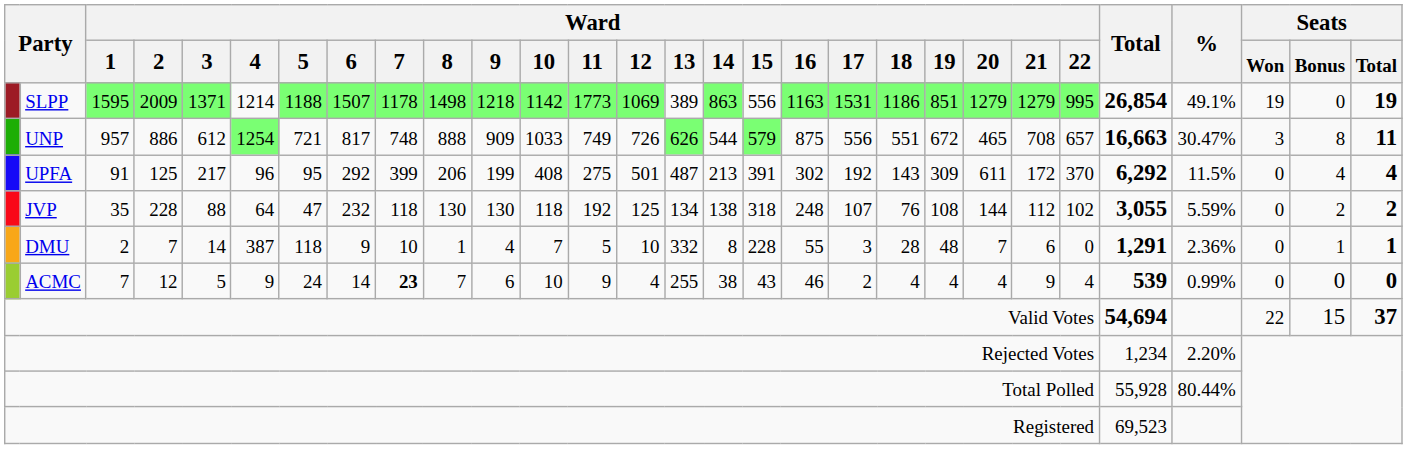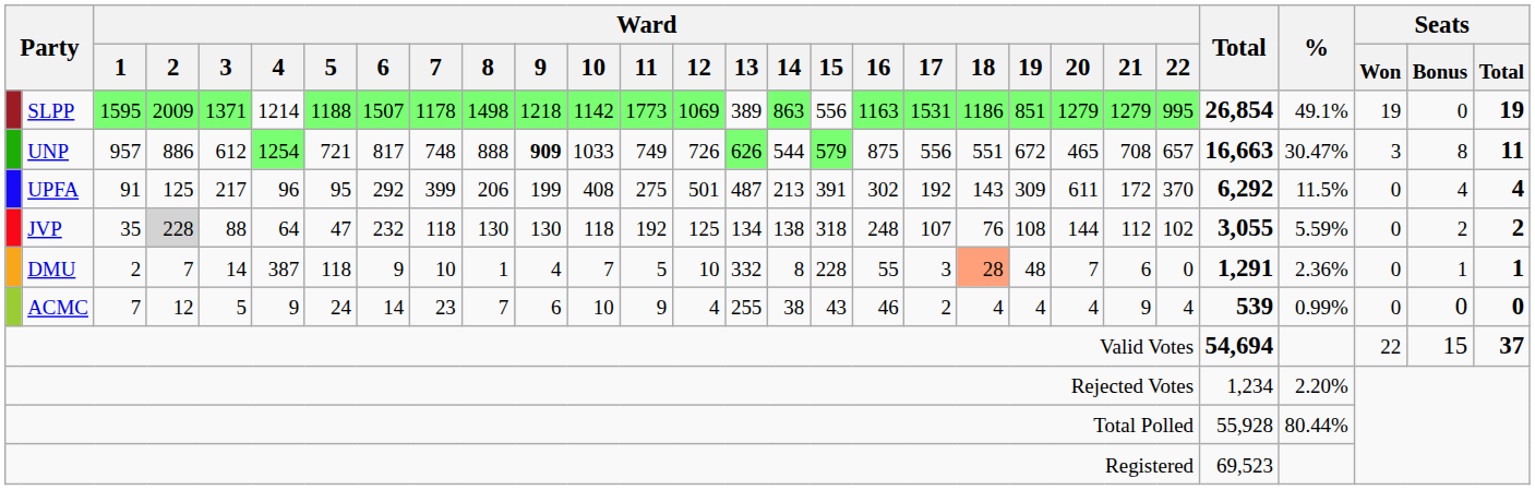 <table class="wikitable" border="1" style="text-align:right;">
 <tr>
 <th colspan="2" rowspan="2">Party</th>
 <th colspan="22">Ward</th>
 <th rowspan="2">Total</th>
 <th rowspan="2">%</th>
 <th colspan="3">Seats</th>
 </tr>
 <tr>
 <th>1</th>
 <th>2</th>
 <th>3</th>
 <th>4</th>
 <th>5</th>
 <th>6</th>
 <th>7</th>
 <th>8</th>
 <th>9</th>
 <th>10</th>
 <th>11</th>
 <th>12</th>
 <th>13</th>
 <th>14</th>
 <th>15</th>
 <th>16</th>
 <th>17</th>
 <th>18</th>
 <th>19</th>
 <th>20</th>
 <th>21</th>
 <th>22</th>
 <th><sub>Won</sub></th>
 <th><sub>Bonus</sub></th>
 <th><sub>Total</sub></th>
 </tr>
 <tr>
 <td bgcolor="#9D1B25"><small> </small></td>
 <td align="left"><a href='#'><small>SLPP</small></a></td>
 <td bgcolor="#7aff73"><small>1595</small></td>
 <td bgcolor="#7aff73"><small>2009</small></td>
 <td bgcolor="#7aff73"><small>1371</small></td>
 <td><small>1214</small></td>
 <td bgcolor="#7aff73"><small>1188</small></td>
 <td bgcolor="#7aff73"><small>1507</small></td>
 <td bgcolor="#7aff73"><small>1178</small></td>
 <td bgcolor="#7aff73"><small>1498</small></td>
 <td bgcolor="#7aff73"><small>1218</small></td>
 <td bgcolor="#7aff73"><small>1142</small></td>
 <td bgcolor="#7aff73"><small>1773</small></td>
 <td bgcolor="#7aff73"><small>1069</small></td>
 <td><small>389</small></td>
 <td bgcolor="#7aff73"><small>863</small></td>
 <td><small>556</small></td>
 <td bgcolor="#7aff73"><small>1163</small></td>
 <td bgcolor="#7aff73"><small>1531</small></td>
 <td bgcolor="#7aff73"><small>1186</small></td>
 <td bgcolor="#7aff73"><small>851</small></td>
 <td bgcolor="#7aff73"><small>1279</small></td>
 <td bgcolor="#7aff73"><small>1279</small></td>
 <td bgcolor="#7aff73"><small>995</small></td>
 <td><strong>26,854</strong></td>
 <td><small>49.1%</small></td>
 <td><small>19</small></td>
 <td><small>0</small></td>
 <td><strong>19</strong></td>
 </tr>
 <tr>
 <td bgcolor="#1CAE05"><small> </small></td>
 <td align="left"><a href='#'><small>UNP</small></a></td>
 <td><small>957</small></td>
 <td><small>886</small></td>
 <td><small>612</small></td>
 <td bgcolor="#7aff73"><small>1254</small></td>
 <td><small>721</small></td>
 <td><small>817</small></td>
 <td><small>748</small></td>
 <td><small>888</small></td>
-<td><small>909</small></td>
+<td><strong><small>909</small></strong></td>
 <td><small>1033</small></td>
 <td><small>749</small></td>
 <td><small>726</small></td>
 <td bgcolor="#7aff73"><small>626</small></td>
 <td><small>544</small></td>
 <td bgcolor="#7aff73"><small>579</small></td>
 <td><small>875</small></td>
 <td><small>556</small></td>
 <td><small>551</small></td>
 <td><small>672</small></td>
 <td><small>465</small></td>
 <td><small>708</small></td>
 <td><small>657</small></td>
 <td><strong>16,663</strong></td>
 <td><small>30.47%</small></td>
 <td><small>3</small></td>
 <td><small>8</small></td>
 <td><strong>11</strong></td>
 </tr>
 <tr>
 <td bgcolor="#1609F7"><small> </small></td>
 <td align="left"><a href='#'><small>UPFA</small></a></td>
 <td><small>91</small></td>
 <td><small>125</small></td>
 <td><small>217</small></td>
 <td><small>96</small></td>
 <td><small>95</small></td>
 <td><small>292</small></td>
 <td><small>399</small></td>
 <td><small>206</small></td>
 <td><small>199</small></td>
 <td><small>408</small></td>
 <td><small>275</small></td>
 <td><small>501</small></td>
 <td><small>487</small></td>
 <td><small>213</small></td>
 <td><small>391</small></td>
 <td><small>302</small></td>
 <td><small>192</small></td>
 <td><small>143</small></td>
 <td><small>309</small></td>
 <td><small>611</small></td>
 <td><small>172</small></td>
 <td><small>370</small></td>
 <td><strong>6,292</strong></td>
 <td><small>11.5%</small></td>
 <td><small>0</small></td>
 <td><small>4</small></td>
 <td><strong>4</strong></td>
 </tr>
 <tr>
 <td bgcolor="#F90818"><small> </small></td>
 <td align="left"><a href='#'><small>JVP</small></a></td>
 <td><small>35</small></td>
-<td><small>228</small></td>
+<td style="background: lightgrey;"><small>228</small></td>
 <td><small>88</small></td>
 <td><small>64</small></td>
 <td><small>47</small></td>
 <td><small>232</small></td>
 <td><small>118</small></td>
 <td><small>130</small></td>
 <td><small>130</small></td>
 <td><small>118</small></td>
 <td><small>192</small></td>
 <td><small>125</small></td>
 <td><small>134</small></td>
 <td><small>138</small></td>
 <td><small>318</small></td>
 <td><small>248</small></td>
 <td><small>107</small></td>
 <td><small>76</small></td>
 <td><small>108</small></td>
 <td><small>144</small></td>
 <td><small>112</small></td>
 <td><small>102</small></td>
 <td><strong>3,055</strong></td>
 <td><small>5.59%</small></td>
 <td><small>0</small></td>
 <td><small>2</small></td>
 <td><strong>2</strong></td>
 </tr>
 <tr>
 <td bgcolor="#F8A718"><small> </small></td>
 <td align="left"><a href='#'><small>DMU</small></a></td>
 <td><small>2</small></td>
 <td><small>7</small></td>
 <td><small>14</small></td>
 <td><small>387</small></td>
 <td><small>118</small></td>
 <td><small>9</small></td>
 <td><small>10</small></td>
 <td><small>1</small></td>
 <td><small>4</small></td>
 <td><small>7</small></td>
 <td><small>5</small></td>
 <td><small>10</small></td>
 <td><small>332</small></td>
 <td><small>8</small></td>
 <td><small>228</small></td>
 <td><small>55</small></td>
 <td><small>3</small></td>
-<td><small>28</small></td>
+<td style="background: lightsalmon;"><small>28</small></td>
 <td><small>48</small></td>
 <td><small>7</small></td>
 <td><small>6</small></td>
 <td><small>0</small></td>
 <td><strong>1,291</strong></td>
 <td><small>2.36%</small></td>
 <td><small>0</small></td>
 <td><small>1</small></td>
 <td><strong>1</strong></td>
 </tr>
 <tr>
 <td bgcolor="#9acd32"><small> </small></td>
 <td align="left"><small><a href='#'>ACMC</a></small></td>
 <td><small>7</small></td>
 <td><small>12</small></td>
 <td><small>5</small></td>
 <td><small>9</small></td>
 <td><small>24</small></td>
 <td><small>14</small></td>
-<td><strong><small>23</small></strong></td>
+<td><small>23</small></td>
 <td><small>7</small></td>
 <td><small>6</small></td>
 <td><small>10</small></td>
 <td><small>9</small></td>
 <td><small>4</small></td>
 <td><small>255</small></td>
 <td><small>38</small></td>
 <td><small>43</small></td>
 <td><small>46</small></td>
 <td><small>2</small></td>
 <td><small>4</small></td>
 <td><small>4</small></td>
 <td><small>4</small></td>
 <td><small>9</small></td>
 <td><small>4</small></td>
 <td><strong>539</strong></td>
 <td><small>0.99%</small></td>
 <td><small>0</small></td>
 <td>0</td>
 <td><strong>0</strong></td>
 </tr>
 <tr>
 <td colspan="24"><small>Valid Votes</small></td>
 <td><strong>54,694</strong></td>
 <td></td>
 <td><small>22</small></td>
 <td>15</td>
 <td><strong>37</strong></td>
 </tr>
 <tr>
 <td colspan="24"><small>Rejected Votes</small></td>
 <td><small>1,234</small></td>
 <td><small>2.20%</small></td>
 <td colspan="3" rowspan="3"></td>
 </tr>
 <tr>
 <td colspan="24"><small>Total Polled</small></td>
 <td><small>55,928</small></td>
 <td><small>80.44%</small></td>
 </tr>
 <tr>
 <td colspan="24"><small>Registered</small></td>
 <td><small>69,523</small></td>
 <td></td>
 </tr>
 </table>
